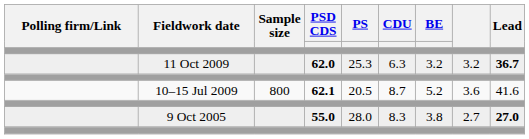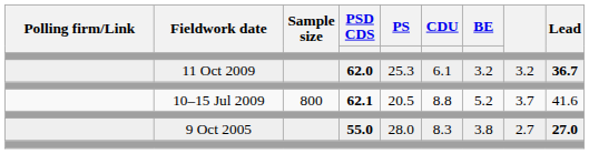 <table class="wikitable collapsible sortable" style="text-align:center; font-size:95%; line-height:16px;">
 <tr style="height:42px;">
 <th style="width:145px;" rowspan="2">Polling firm/Link</th>
 <th style="width:125px;" rowspan="2">Fieldwork date</th>
 <th class="unsortable" style="width:50px;" rowspan="2">Sample size</th>
 <th class="unsortable" style="width:35px;"><a href='#'>PSD</a><br><a href='#'>CDS</a></th>
 <th class="unsortable" style="width:35px;"><a href='#'>PS</a></th>
 <th class="unsortable" style="width:35px;"><a href='#'>CDU</a></th>
 <th class="unsortable" style="width:35px;"><a href='#'>BE</a></th>
 <th class="unsortable" style="width:35px;" rowspan="2"></th>
 <th class="unsortable" style="width:30px;" rowspan="2">Lead</th>
 </tr>
 <tr>
 <th class="unsortable" style="color:inherit;background:"></th>
 <th class="unsortable" style="color:inherit;background:"></th>
 <th class="unsortable" style="color:inherit;background:"></th>
 <th class="unsortable" style="color:inherit;background:"></th>
 </tr>
 <tr>
 <td colspan="13" style="background:#A0A0A0"></td>
 </tr>
 <tr style="background:#EFEFEF;">
 <td><strong></strong></td>
 <td data-sort-value="2019-10-06">11 Oct 2009</td>
 <td></td>
 <td><strong>62.0</strong><br></td>
 <td>25.3<br></td>
-<td>6.3<br></td>
+<td>6.1<br></td>
 <td>3.2<br></td>
 <td>3.2<br></td>
 <td style="background:"><strong>36.7</strong></td>
 </tr>
 <tr>
 <td colspan="13" style="background:#A0A0A0"></td>
 </tr>
 <tr>
 <td align="center"></td>
 <td align="center">10–15 Jul 2009</td>
 <td>800</td>
 <td align="center" ><strong>62.1</strong></td>
 <td align="center">20.5</td>
-<td align="center">8.7</td>
+<td align="center">8.8</td>
 <td align="center">5.2</td>
-<td align="center">3.6</td>
+<td align="center">3.7</td>
 <td style="background:">41.6</td>
 </tr>
 <tr>
 <td colspan="13" style="background:#A0A0A0"></td>
 </tr>
 <tr style="background:#EFEFEF;">
 <td><strong></strong></td>
 <td data-sort-value="2019-10-06">9 Oct 2005</td>
 <td></td>
 <td><strong>55.0</strong><br></td>
 <td>28.0<br></td>
 <td>8.3<br></td>
 <td>3.8<br></td>
 <td>2.7<br></td>
 <td style="background:"><strong>27.0</strong></td>
 </tr>
 <tr>
 <td colspan="13" style="background:#A0A0A0"></td>
 </tr>
 <tr>
 </tr>
 </table>
